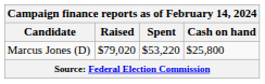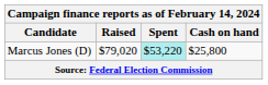 <table class="wikitable sortable">
 <tr>
 <th colspan=4>Campaign finance reports as of February 14, 2024</th>
 </tr>
 <tr style="text-align:center;">
 <th>Candidate</th>
 <th>Raised</th>
 <th>Spent</th>
 <th>Cash on hand</th>
 </tr>
 <tr>
 <td>Marcus Jones (D)</td>
 <td>$79,020</td>
-<td>$53,220</td>
+<td style="background: paleturquoise;">$53,220</td>
 <td>$25,800</td>
 </tr>
 <tr>
 <th colspan="4"><small>Source: <a href='#'>Federal Election Commission</a></small></th>
 </tr>
 </table>
